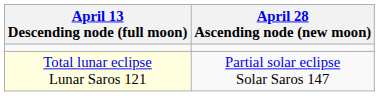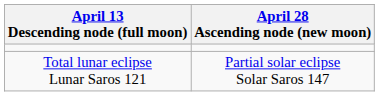 <table class="wikitable">
 <tr>
 <th><a href='#'>April 13</a><br>Descending node (full moon)</th>
 <th><a href='#'>April 28</a><br>Ascending node (new moon)</th>
 </tr>
 <tr>
 <td></td>
 <td></td>
 </tr>
 <tr align=center>
-<td style="background: lightyellow;"><a href='#'>Total lunar eclipse</a><br>Lunar Saros 121</td>
+<td><a href='#'>Total lunar eclipse</a><br>Lunar Saros 121</td>
 <td><a href='#'>Partial solar eclipse</a><br>Solar Saros 147</td>
 </tr>
 </table>
